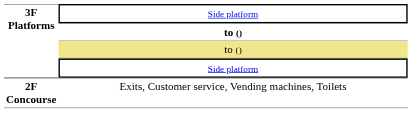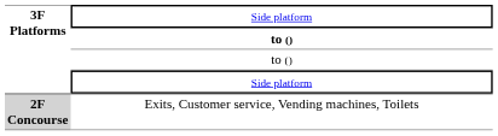 <table table border=0 cellspacing=0 cellpadding=3>
 <tr>
 <td style="border-bottom:solid 1px gray;border-top:solid 1px gray;text-align:center" rowspan="4" valign=top width=50><strong>3F<br>Platforms</strong></td>
 <td style="border-right:solid 2px black;border-left:solid 2px black;border-top:solid 2px black;border-bottom:solid 2px black;text-align:center;"><small><a href='#'>Side platform</a></small></td>
 </tr>
 <tr>
 <td style="border-bottom:solid 1px gray;border-top:solid 1px gray;text-align:center;"><strong>  to  <small>()</small></strong></td>
 </tr>
 <tr>
-<td style="background: khaki; border-bottom:solid 1px gray;text-align:center;"> to  <small>()</small> </td>
+<td style="border-bottom:solid 1px gray;text-align:center;"> to  <small>()</small> </td>
 </tr>
 <tr>
 <td style="border-right:solid 2px black;border-left:solid 2px black;border-top:solid 2px black;border-bottom:solid 2px black;text-align:center;"><small><a href='#'>Side platform</a></small></td>
 </tr>
 <tr>
-<td style="border-bottom:solid 1px gray; border-top:solid 1px gray;text-align:center" valign=top><strong>2F<br>Concourse</strong></td>
+<td style="background: lightgrey; border-bottom:solid 1px gray; border-top:solid 1px gray;text-align:center" valign=top><strong>2F<br>Concourse</strong></td>
 <td style="border-bottom:solid 1px gray; border-top:solid 1px gray;text-align:center" valign=top width=500>Exits, Customer service, Vending machines, Toilets</td>
 </tr>
 </table>
